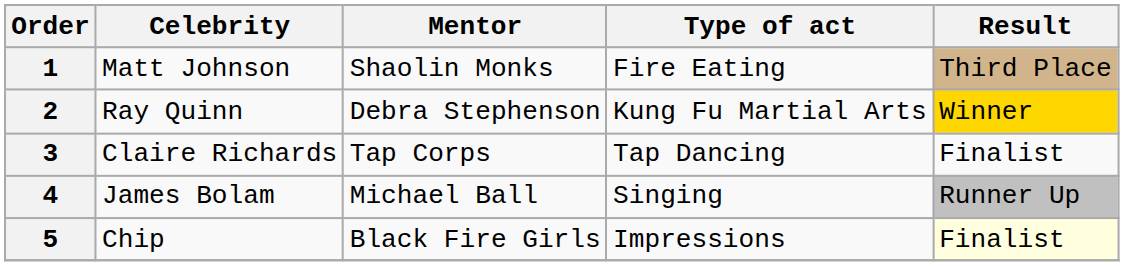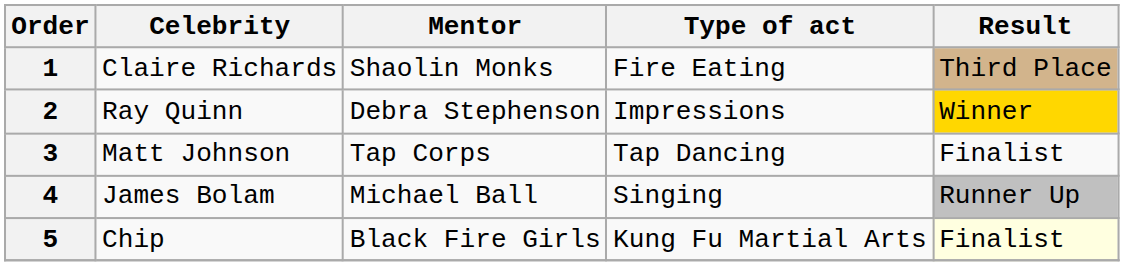 <table class="wikitable">
 <tr>
 <th>Order</th>
 <th>Celebrity</th>
 <th>Mentor</th>
 <th>Type of act</th>
 <th>Result</th>
 </tr>
 <tr>
 <th>1</th>
-<td>Matt Johnson</td>
+<td>Claire Richards</td>
 <td>Shaolin Monks</td>
 <td>Fire Eating</td>
 <td style=background:tan>Third Place</td>
 </tr>
 <tr>
 <th>2</th>
 <td>Ray Quinn</td>
 <td>Debra Stephenson</td>
-<td>Kung Fu Martial Arts</td>
+<td>Impressions</td>
 <td style=background:gold>Winner</td>
 </tr>
 <tr>
 <th>3</th>
-<td>Claire Richards</td>
+<td>Matt Johnson</td>
 <td>Tap Corps</td>
 <td>Tap Dancing</td>
 <td>Finalist</td>
 </tr>
 <tr>
 <th>4</th>
 <td>James Bolam</td>
 <td>Michael Ball</td>
 <td>Singing</td>
 <td style=background:Silver>Runner Up</td>
 </tr>
 <tr>
 <th>5</th>
 <td>Chip</td>
 <td>Black Fire Girls</td>
-<td>Impressions</td>
+<td>Kung Fu Martial Arts</td>
 <td style="background: lightyellow;">Finalist</td>
 </tr>
 <tr>
 </tr>
 </table>
